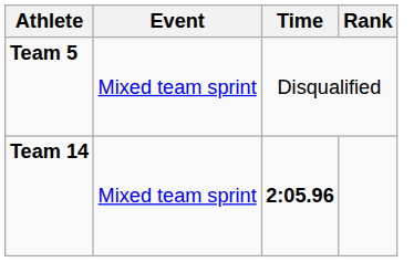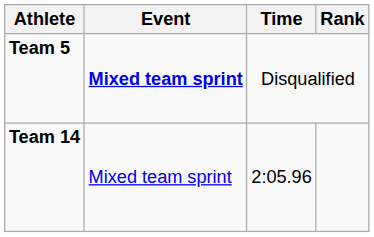 <table class="wikitable" style="font-size:90%">
 <tr>
 <th>Athlete</th>
 <th>Event</th>
 <th>Time</th>
 <th>Rank</th>
 </tr>
 <tr align=center>
 <td align=left><strong>Team 5</strong><br><small><br><br><br></small></td>
-<td align=left><a href='#'>Mixed team sprint</a></td>
+<td align=left><strong><a href='#'>Mixed team sprint</a></strong></td>
 <td colspan=2>Disqualified</td>
 </tr>
 <tr align=center>
 <td align=left><strong>Team 14</strong><br><small><strong><br><br><br></strong></small><br></td>
 <td align=left><a href='#'>Mixed team sprint</a></td>
-<td><strong>2:05.96</strong></td>
+<td>2:05.96</td>
 <td></td>
 </tr>
 </table>
